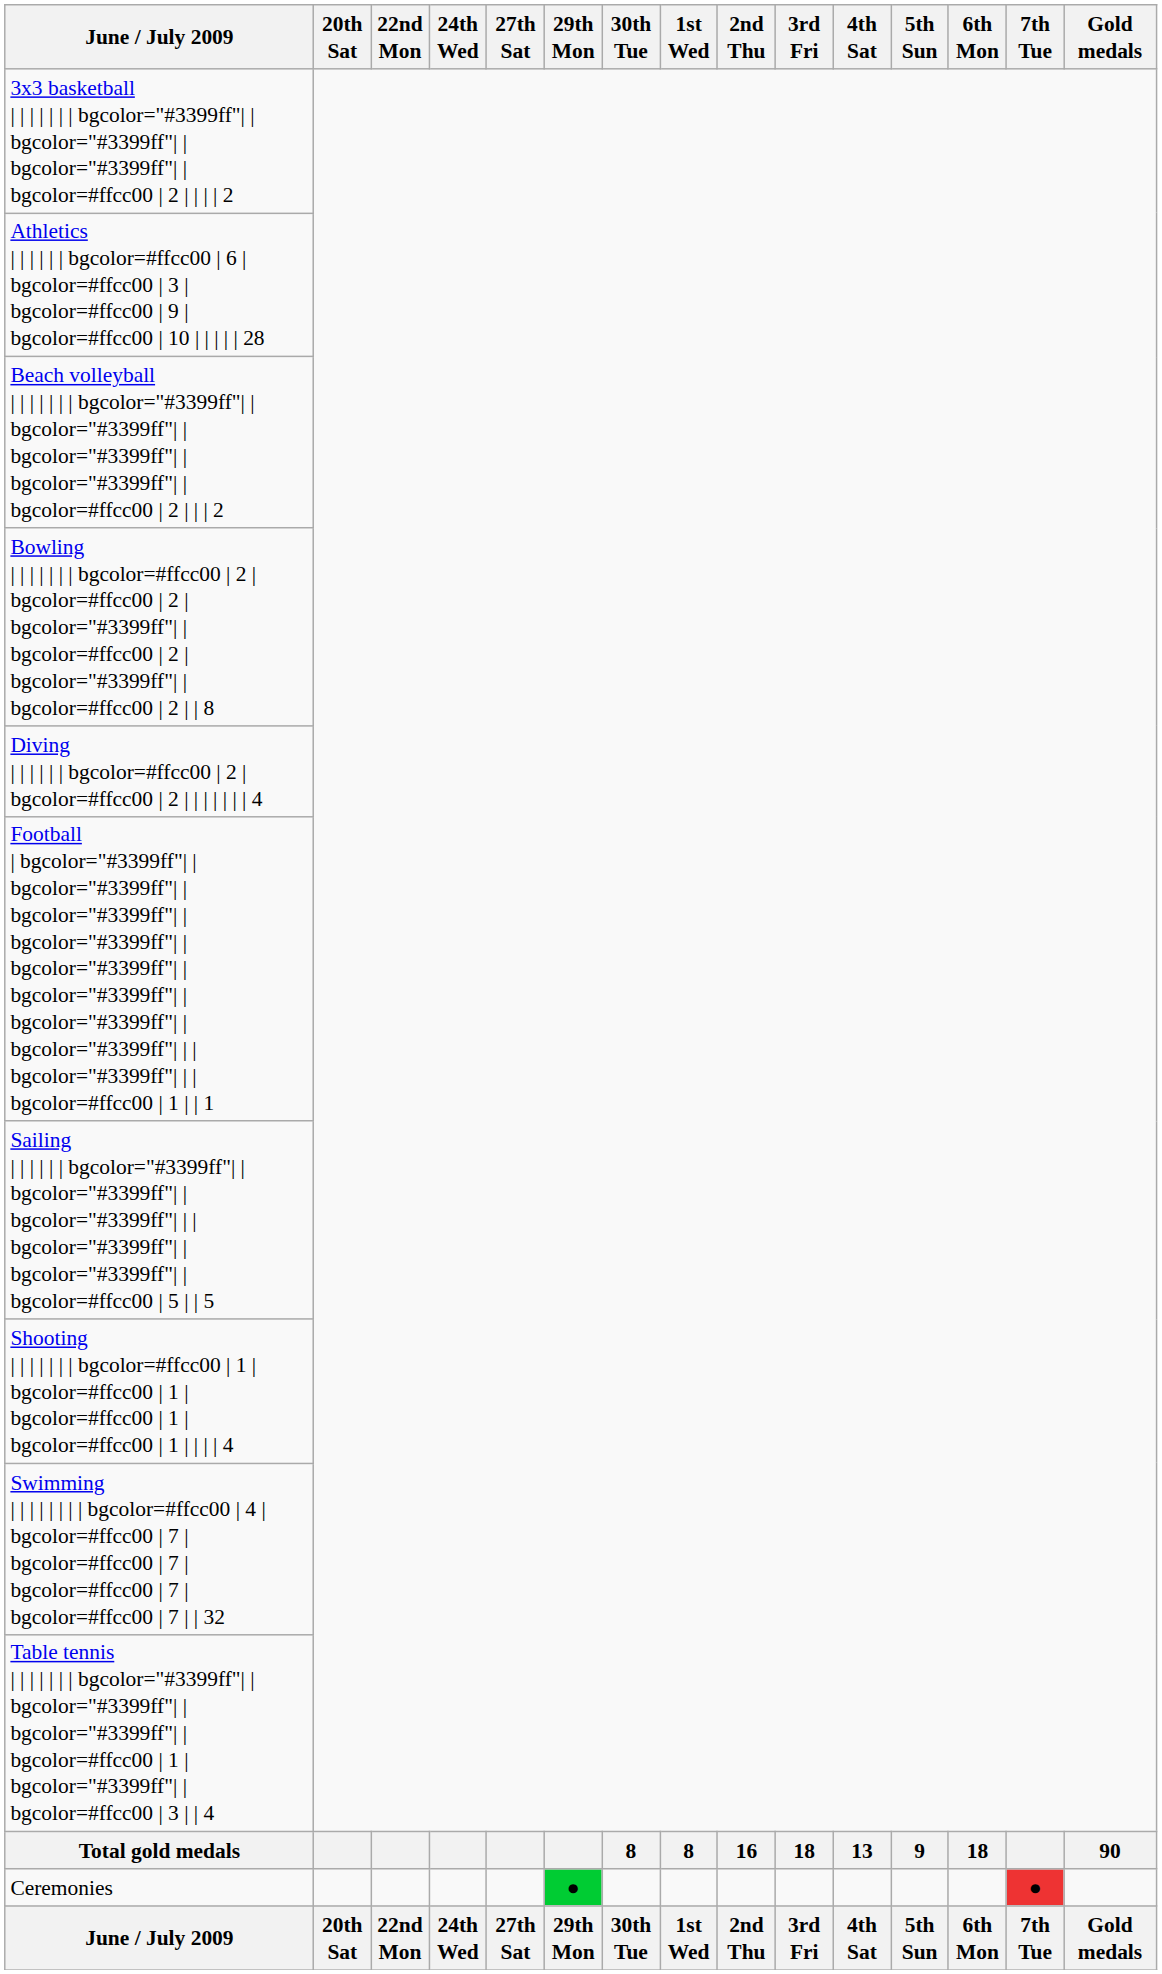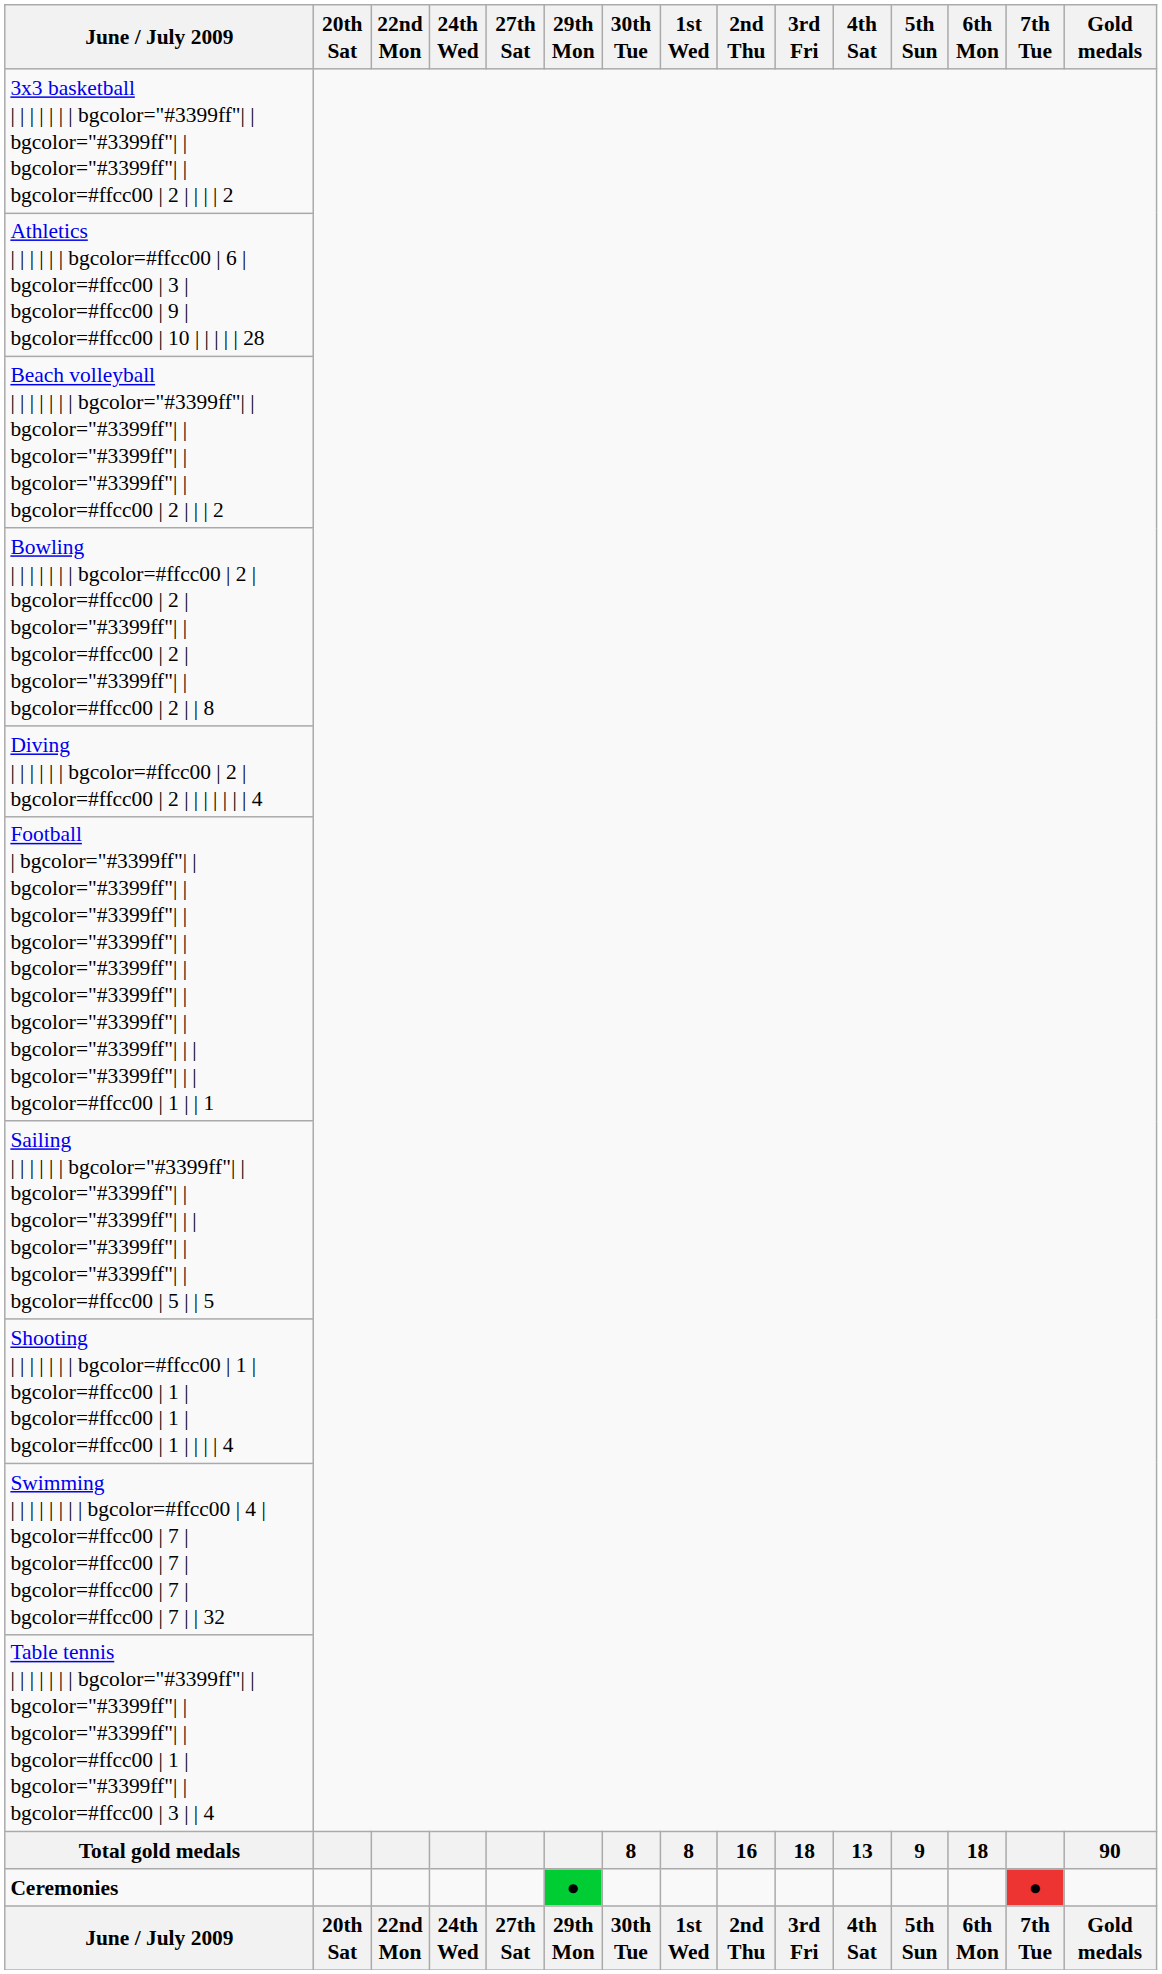 <table class="wikitable" style="margin:0.5em auto; font-size:90%; line-height:1.25em;">
 <tr>
 <th width=200>June / July 2009</th>
 <th width=32>20th<br>Sat</th>
 <th width=32>22nd<br>Mon</th>
 <th width=32>24th<br>Wed</th>
 <th width=32>27th<br>Sat</th>
 <th width=32>29th<br>Mon</th>
 <th width=32>30th<br>Tue</th>
 <th width=32>1st<br>Wed</th>
 <th width=32>2nd<br>Thu</th>
 <th width=32>3rd<br>Fri</th>
 <th width=32>4th<br>Sat</th>
 <th width=32>5th<br>Sun</th>
 <th width=32>6th<br>Mon</th>
 <th width=32>7th<br>Tue</th>
 <th width=55>Gold<br>medals</th>
 </tr>
 <tr align="center">
 <td align="left"> <a href='#'>3x3 basketball</a><br>|  |  |  |  |   |  | bgcolor="#3399ff"| | bgcolor="#3399ff"| | bgcolor="#3399ff"| | bgcolor=#ffcc00 | 2  |   |   |  | 2</td>
 </tr>
 <tr align="center">
 <td align="left"> <a href='#'>Athletics</a><br>|  |  |  |  |   | bgcolor=#ffcc00 | 6 | bgcolor=#ffcc00 | 3  | bgcolor=#ffcc00 | 9  | bgcolor=#ffcc00 | 10  |  |   |   |  | 28</td>
 </tr>
 <tr align="center">
 <td align="left"> <a href='#'>Beach volleyball</a><br>|  |  |  |  |   |  | bgcolor="#3399ff"| | bgcolor="#3399ff"| | bgcolor="#3399ff"| | bgcolor="#3399ff"| | bgcolor=#ffcc00 | 2  |   |  | 2</td>
 </tr>
 <tr align="center">
 <td align="left"> <a href='#'>Bowling</a><br>|  |  |  |  |   |  | bgcolor=#ffcc00 | 2  | bgcolor=#ffcc00 | 2  | bgcolor="#3399ff"| | bgcolor=#ffcc00 | 2  | bgcolor="#3399ff"| | bgcolor=#ffcc00 | 2  |  | 8</td>
 </tr>
 <tr align="center">
 <td align="left"> <a href='#'>Diving</a><br>|  |  |  |  |   | bgcolor=#ffcc00 | 2 | bgcolor=#ffcc00 | 2  |  |   |  |  |   |  | 4</td>
 </tr>
 <tr align="center">
 <td align="left"> <a href='#'>Football</a><br>| bgcolor="#3399ff"| | bgcolor="#3399ff"| | bgcolor="#3399ff"| | bgcolor="#3399ff"| | bgcolor="#3399ff"| | bgcolor="#3399ff"| | bgcolor="#3399ff"| | bgcolor="#3399ff"| |   | bgcolor="#3399ff"| |   | bgcolor=#ffcc00 | 1 |  | 1</td>
 </tr>
 <tr align="center">
 <td align="left"> <a href='#'>Sailing</a><br>|   |  |   |   |   | bgcolor="#3399ff"| | bgcolor="#3399ff"| | bgcolor="#3399ff"| |   | bgcolor="#3399ff"| | bgcolor="#3399ff"| | bgcolor=#ffcc00 | 5 |  | 5</td>
 </tr>
 <tr align="center">
 <td align="left"> <a href='#'>Shooting</a><br>|   |  |   |   |   |  | bgcolor=#ffcc00 | 1   | bgcolor=#ffcc00 | 1  | bgcolor=#ffcc00 | 1 | bgcolor=#ffcc00 | 1   |  |  |  | 4</td>
 </tr>
 <tr align="center">
 <td align="left"> <a href='#'>Swimming</a><br>|   |  |   |   |   |  |   | bgcolor=#ffcc00 | 4  | bgcolor=#ffcc00 | 7 | bgcolor=#ffcc00 | 7   | bgcolor=#ffcc00 | 7 | bgcolor=#ffcc00 | 7 |  | 32</td>
 </tr>
 <tr align="center">
 <td align="left"> <a href='#'>Table tennis</a><br>|   |  |   |   |   |  | bgcolor="#3399ff"| | bgcolor="#3399ff"| | bgcolor="#3399ff"| | bgcolor=#ffcc00 | 1   | bgcolor="#3399ff"| | bgcolor=#ffcc00 | 3 |  | 4</td>
 </tr>
 <tr>
 <th>Total gold medals</th>
 <th></th>
 <th></th>
 <th></th>
 <th></th>
 <th></th>
 <th>8</th>
 <th>8</th>
 <th>16</th>
 <th>18</th>
 <th>13</th>
 <th>9</th>
 <th>18</th>
 <th></th>
 <th>90</th>
 </tr>
 <tr>
-<td>Ceremonies</td>
+<td><strong>Ceremonies</strong></td>
 <td></td>
 <td></td>
 <td></td>
 <td></td>
 <td bgcolor=#00cc33 align=center>●</td>
 <td></td>
 <td></td>
 <td></td>
 <td></td>
 <td></td>
 <td></td>
 <td></td>
 <td bgcolor=#ee3333 align=center>●</td>
 <td></td>
 </tr>
 <tr>
 <th width=200>June / July 2009</th>
 <th width=32>20th<br>Sat</th>
 <th width=32>22nd<br>Mon</th>
 <th width=32>24th<br>Wed</th>
 <th width=32>27th<br>Sat</th>
 <th width=32>29th<br>Mon</th>
 <th width=32>30th<br>Tue</th>
 <th width=32>1st<br>Wed</th>
 <th width=32>2nd<br>Thu</th>
 <th width=32>3rd<br>Fri</th>
 <th width=32>4th<br>Sat</th>
 <th width=32>5th<br>Sun</th>
 <th width=32>6th<br>Mon</th>
 <th width=32>7th<br>Tue</th>
 <th width=55>Gold<br>medals</th>
 </tr>
 </table>
